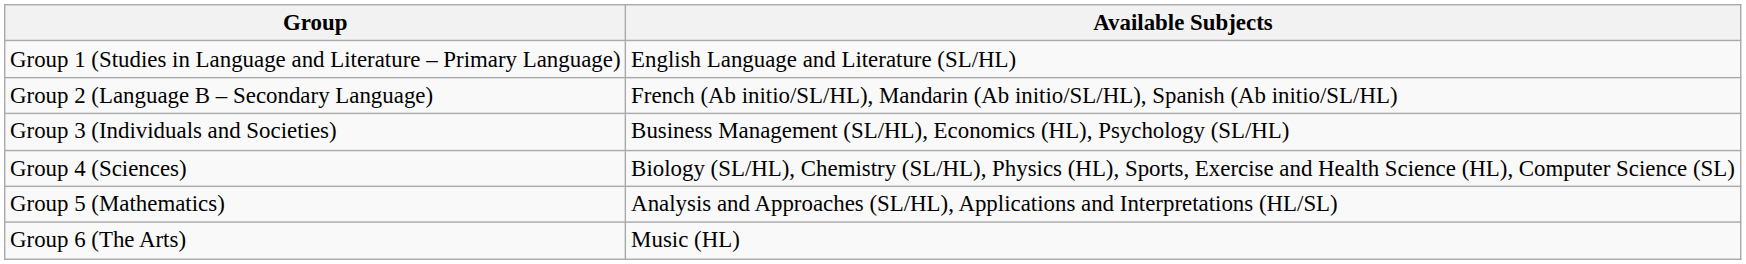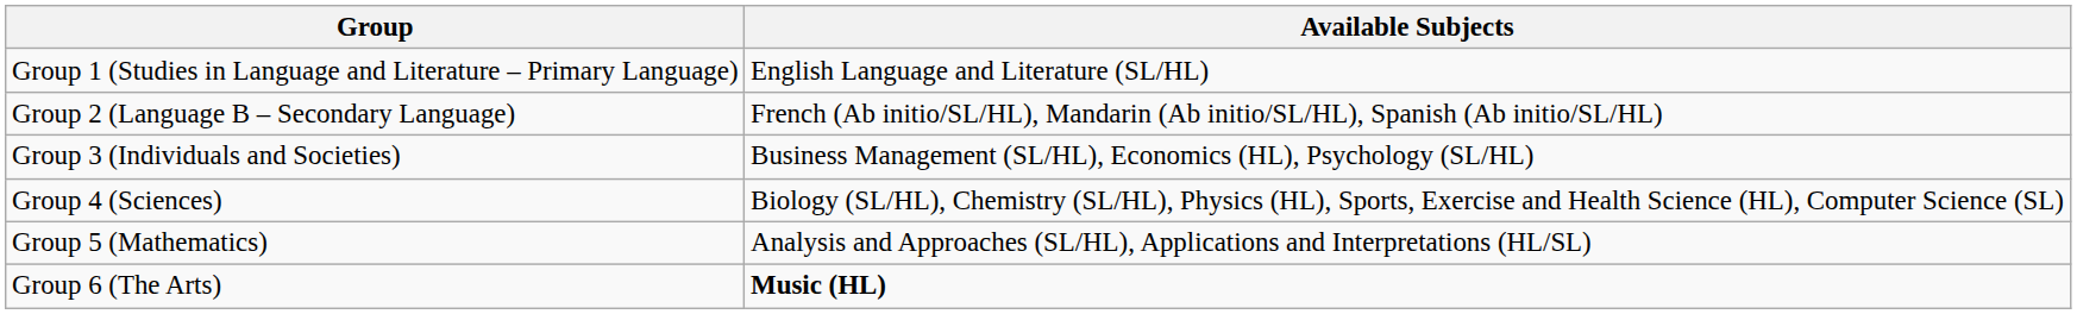 <table class="wikitable">
 <tr>
 <th>Group</th>
 <th>Available Subjects</th>
 </tr>
 <tr>
 <td>Group 1 (Studies in Language and Literature – Primary Language)</td>
 <td>English Language and Literature (SL/HL)</td>
 </tr>
 <tr>
 <td>Group 2 (Language B – Secondary Language)</td>
 <td>French (Ab initio/SL/HL), Mandarin (Ab initio/SL/HL), Spanish (Ab initio/SL/HL)</td>
 </tr>
 <tr>
 <td>Group 3 (Individuals and Societies)</td>
 <td>Business Management (SL/HL), Economics (HL), Psychology (SL/HL)</td>
 </tr>
 <tr>
 <td>Group 4 (Sciences)</td>
 <td>Biology (SL/HL), Chemistry (SL/HL), Physics (HL), Sports, Exercise and Health Science (HL), Computer Science (SL)</td>
 </tr>
 <tr>
 <td>Group 5 (Mathematics)</td>
 <td>Analysis and Approaches (SL/HL), Applications and Interpretations (HL/SL)</td>
 </tr>
 <tr>
 <td>Group 6 (The Arts)</td>
-<td>Music (HL)</td>
+<td><strong>Music (HL)</strong></td>
 </tr>
 </table>
